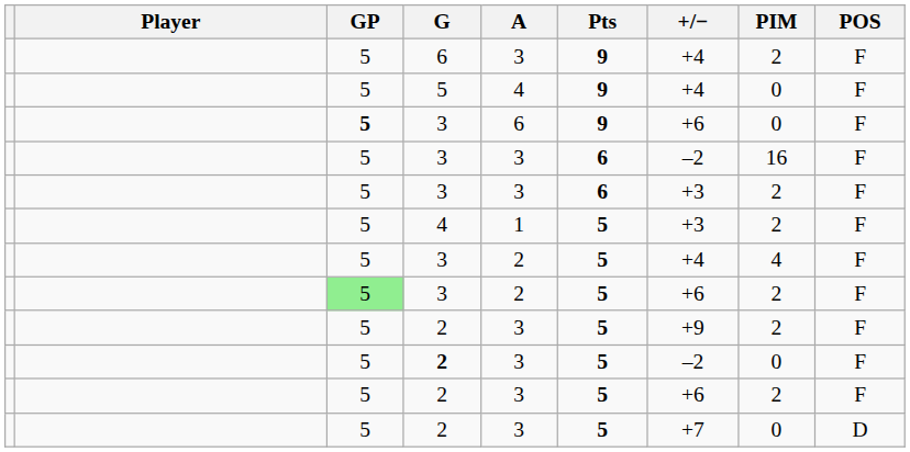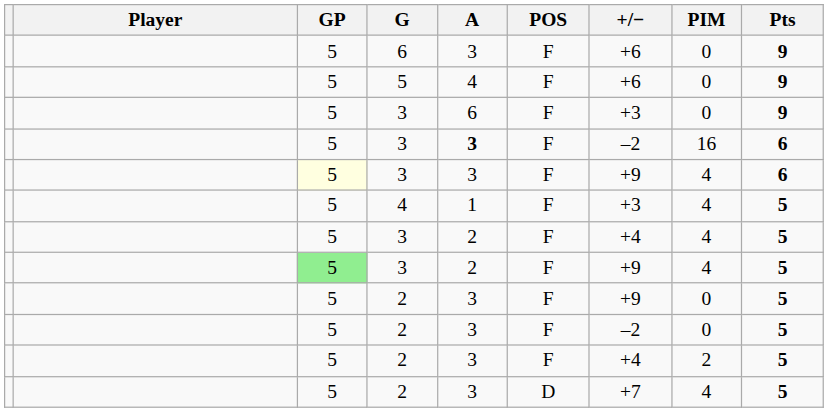 <table class="wikitable sortable" style="text-align:center;">
 <tr>
 <th></th>
 <th style="width:225px;">Player</th>
 <th style="width:50px;">GP</th>
 <th style="width:50px;">G</th>
 <th style="width:50px;">A</th>
-<th style="width:60px;">Pts</th>
+<th style="width:60px;">POS</th>
 <th style="width:60px;">+/−</th>
 <th style="width:50px;">PIM</th>
-<th style="width:60px;">POS</th>
+<th style="width:60px;">Pts</th>
 </tr>
 <tr>
 <td></td>
 <td style="text-align:left;"></td>
 <td>5</td>
 <td>6</td>
 <td>3</td>
+<td>F</td>
+<td>+6</td>
+<td>0</td>
 <td><strong>9</strong></td>
-<td>+4</td>
-<td>2</td>
-<td>F</td>
 </tr>
 <tr>
 <td></td>
 <td style="text-align:left;"></td>
 <td>5</td>
 <td>5</td>
 <td>4</td>
-<td><strong>9</strong></td>
-<td>+4</td>
-<td>0</td>
 <td>F</td>
-</tr>
-<tr>
-<td></td>
-<td style="text-align:left;"></td>
-<td><strong>5</strong></td>
-<td>3</td>
-<td>6</td>
-<td><strong>9</strong></td>
 <td>+6</td>
 <td>0</td>
-<td>F</td>
+<td><strong>9</strong></td>
 </tr>
 <tr>
 <td></td>
 <td style="text-align:left;"></td>
 <td>5</td>
 <td>3</td>
-<td>3</td>
-<td><strong>6</strong></td>
-<td>–2</td>
-<td>16</td>
+<td>6</td>
 <td>F</td>
+<td>+3</td>
+<td>0</td>
+<td><strong>9</strong></td>
 </tr>
 <tr>
 <td></td>
 <td style="text-align:left;"></td>
 <td>5</td>
 <td>3</td>
+<td><strong>3</strong></td>
+<td>F</td>
+<td>–2</td>
+<td>16</td>
+<td><strong>6</strong></td>
+</tr>
+<tr>
+<td></td>
+<td style="text-align:left;"></td>
+<td style="background: lightyellow;">5</td>
 <td>3</td>
+<td>3</td>
+<td>F</td>
+<td>+9</td>
+<td>4</td>
 <td><strong>6</strong></td>
-<td>+3</td>
-<td>2</td>
-<td>F</td>
 </tr>
 <tr>
 <td></td>
 <td style="text-align:left;"></td>
 <td>5</td>
 <td>4</td>
 <td>1</td>
+<td>F</td>
+<td>+3</td>
+<td>4</td>
 <td><strong>5</strong></td>
-<td>+3</td>
-<td>2</td>
-<td>F</td>
 </tr>
 <tr>
 <td></td>
 <td style="text-align:left;"></td>
 <td>5</td>
 <td>3</td>
 <td>2</td>
-<td><strong>5</strong></td>
+<td>F</td>
 <td>+4</td>
 <td>4</td>
-<td>F</td>
+<td><strong>5</strong></td>
 </tr>
 <tr>
 <td></td>
 <td style="text-align:left;"></td>
 <td style="background: lightgreen;">5</td>
 <td>3</td>
 <td>2</td>
+<td>F</td>
+<td>+9</td>
+<td>4</td>
 <td><strong>5</strong></td>
-<td>+6</td>
-<td>2</td>
-<td>F</td>
 </tr>
 <tr>
 <td></td>
 <td style="text-align:left;"></td>
 <td>5</td>
 <td>2</td>
 <td>3</td>
+<td>F</td>
+<td>+9</td>
+<td>0</td>
 <td><strong>5</strong></td>
-<td>+9</td>
-<td>2</td>
-<td>F</td>
-</tr>
-<tr>
-<td></td>
-<td style="text-align:left;"></td>
-<td>5</td>
-<td><strong>2</strong></td>
-<td>3</td>
-<td><strong>5</strong></td>
-<td>–2</td>
-<td>0</td>
-<td>F</td>
 </tr>
 <tr>
 <td></td>
 <td style="text-align:left;"></td>
 <td>5</td>
 <td>2</td>
 <td>3</td>
+<td>F</td>
+<td>–2</td>
+<td>0</td>
 <td><strong>5</strong></td>
-<td>+6</td>
-<td>2</td>
-<td>F</td>
 </tr>
 <tr>
 <td></td>
 <td style="text-align:left;"></td>
 <td>5</td>
 <td>2</td>
 <td>3</td>
+<td>F</td>
+<td>+4</td>
+<td>2</td>
 <td><strong>5</strong></td>
+</tr>
+<tr>
+<td></td>
+<td style="text-align:left;"></td>
+<td>5</td>
+<td>2</td>
+<td>3</td>
+<td>D</td>
 <td>+7</td>
-<td>0</td>
-<td>D</td>
+<td>4</td>
+<td><strong>5</strong></td>
 </tr>
 </table>
